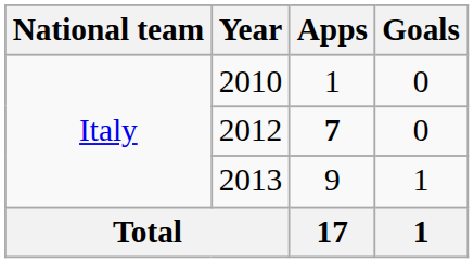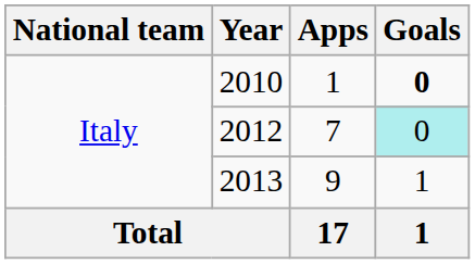 <table class="wikitable" style="text-align:center">
 <tr>
 <th>National team</th>
 <th>Year</th>
 <th>Apps</th>
 <th>Goals</th>
 </tr>
 <tr>
 <td rowspan="3"><a href='#'>Italy</a></td>
 <td>2010</td>
 <td>1</td>
-<td>0</td>
+<td><strong>0</strong></td>
 </tr>
 <tr>
 <td>2012</td>
-<td><strong>7</strong></td>
-<td>0</td>
+<td>7</td>
+<td style="background: paleturquoise;">0</td>
 </tr>
 <tr>
 <td>2013</td>
 <td>9</td>
 <td>1</td>
 </tr>
 <tr>
 <th colspan="2">Total</th>
 <th>17</th>
 <th>1</th>
 </tr>
 </table>
